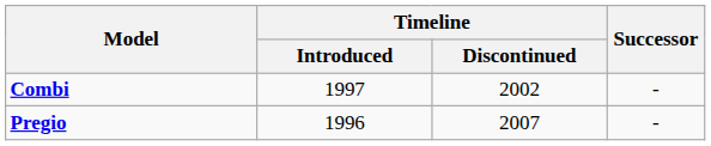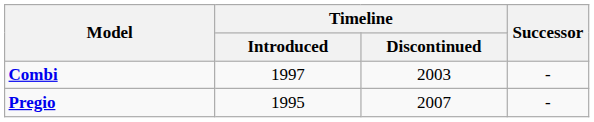 <table class="wikitable sortable" style="text-align: center; font-size: 0.90em; width: 25%">
 <tr>
 <th rowspan="2">Model</th>
 <th colspan="2">Timeline</th>
 <th rowspan="2" width="14%">Successor</th>
 </tr>
 <tr>
 <th width="25%">Introduced</th>
 <th width="25%">Discontinued</th>
 </tr>
 <tr>
 <td style="text-align: left"><a href='#'><strong>Combi</strong></a></td>
 <td>1997</td>
-<td>2002</td>
+<td>2003</td>
 <td>-</td>
 </tr>
 <tr>
 <td style="text-align: left"><a href='#'><strong>Pregio</strong></a></td>
-<td>1996</td>
+<td>1995</td>
 <td>2007</td>
 <td>-</td>
 </tr>
 </table>
